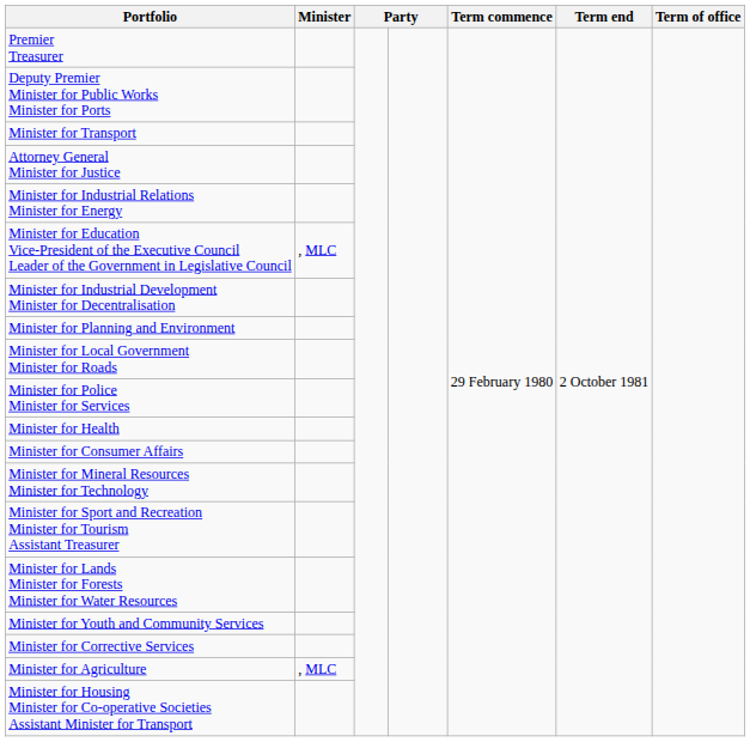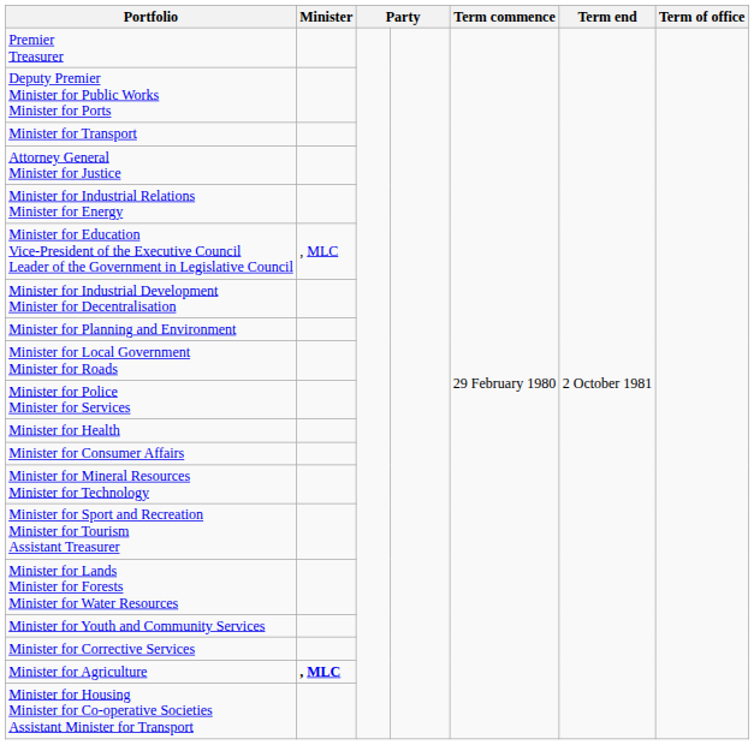 <table class="wikitable sortable">
 <tr>
 <th>Portfolio</th>
 <th>Minister</th>
 <th colspan="2">Party</th>
 <th>Term commence</th>
 <th>Term end</th>
 <th>Term of office</th>
 </tr>
 <tr>
 <td><a href='#'>Premier</a><br><a href='#'>Treasurer</a></td>
 <td></td>
 <td rowspan=19 > </td>
 <td rowspan=19 width=8%></td>
 <td rowspan=19 align=center>29 February 1980</td>
 <td rowspan=19 align=center>2 October 1981</td>
 <td rowspan=19 align=right></td>
 </tr>
 <tr>
 <td><a href='#'>Deputy Premier</a><br><a href='#'>Minister for Public Works</a><br><a href='#'>Minister for Ports</a></td>
 <td></td>
 </tr>
 <tr>
 <td><a href='#'>Minister for Transport</a></td>
 <td></td>
 </tr>
 <tr>
 <td><a href='#'>Attorney General</a><br><a href='#'>Minister for Justice</a></td>
 <td></td>
 </tr>
 <tr>
 <td><a href='#'>Minister for Industrial Relations</a><br><a href='#'>Minister for Energy</a></td>
 <td></td>
 </tr>
 <tr>
 <td><a href='#'>Minister for Education</a><br><a href='#'>Vice-President of the Executive Council</a><br><a href='#'>Leader of the Government in Legislative Council</a></td>
 <td>, <a href='#'>MLC</a></td>
 </tr>
 <tr>
 <td><a href='#'>Minister for Industrial Development</a><br><a href='#'>Minister for Decentralisation</a></td>
 <td></td>
 </tr>
 <tr>
 <td><a href='#'>Minister for Planning and Environment</a></td>
 <td></td>
 </tr>
 <tr>
 <td><a href='#'>Minister for Local Government</a><br><a href='#'>Minister for Roads</a></td>
 <td></td>
 </tr>
 <tr>
 <td><a href='#'>Minister for Police</a><br><a href='#'>Minister for Services</a></td>
 <td></td>
 </tr>
 <tr>
 <td><a href='#'>Minister for Health</a></td>
 <td></td>
 </tr>
 <tr>
 <td><a href='#'>Minister for Consumer Affairs</a></td>
 <td></td>
 </tr>
 <tr>
 <td><a href='#'>Minister for Mineral Resources</a><br><a href='#'>Minister for Technology</a></td>
 <td></td>
 </tr>
 <tr>
 <td><a href='#'>Minister for Sport and Recreation</a><br><a href='#'>Minister for Tourism</a><br><a href='#'>Assistant Treasurer</a></td>
 <td></td>
 </tr>
 <tr>
 <td><a href='#'>Minister for Lands</a><br><a href='#'>Minister for Forests</a><br><a href='#'>Minister for Water Resources</a></td>
 <td></td>
 </tr>
 <tr>
 <td><a href='#'>Minister for Youth and Community Services</a></td>
 <td></td>
 </tr>
 <tr>
 <td><a href='#'>Minister for Corrective Services</a></td>
 <td></td>
 </tr>
 <tr>
 <td><a href='#'>Minister for Agriculture</a></td>
-<td>, <a href='#'>MLC</a></td>
+<td><strong>, <a href='#'>MLC</a></strong></td>
 </tr>
 <tr>
 <td><a href='#'>Minister for Housing</a><br><a href='#'>Minister for Co-operative Societies</a><br><a href='#'>Assistant Minister for Transport</a></td>
 <td></td>
 </tr>
 </table>
